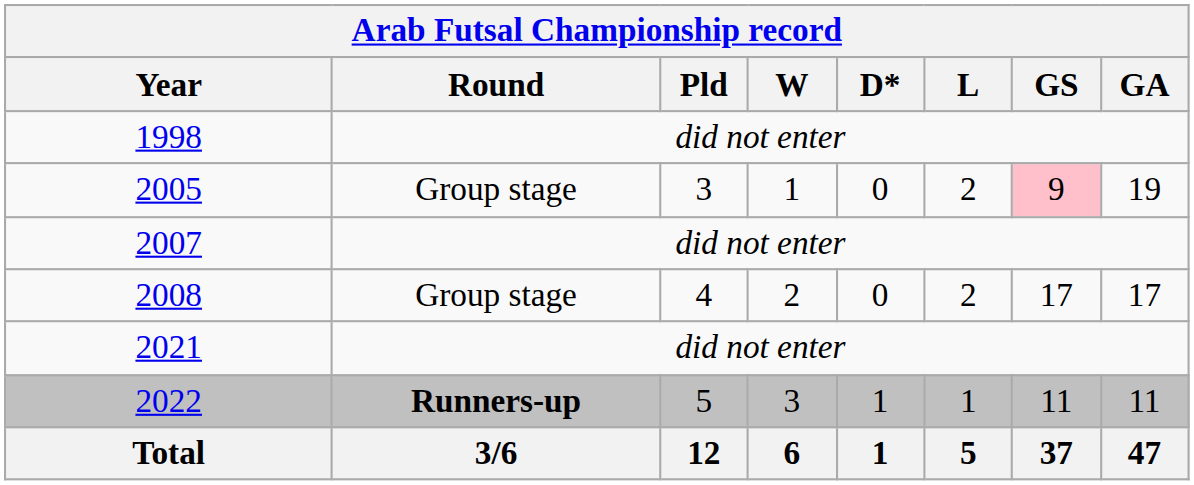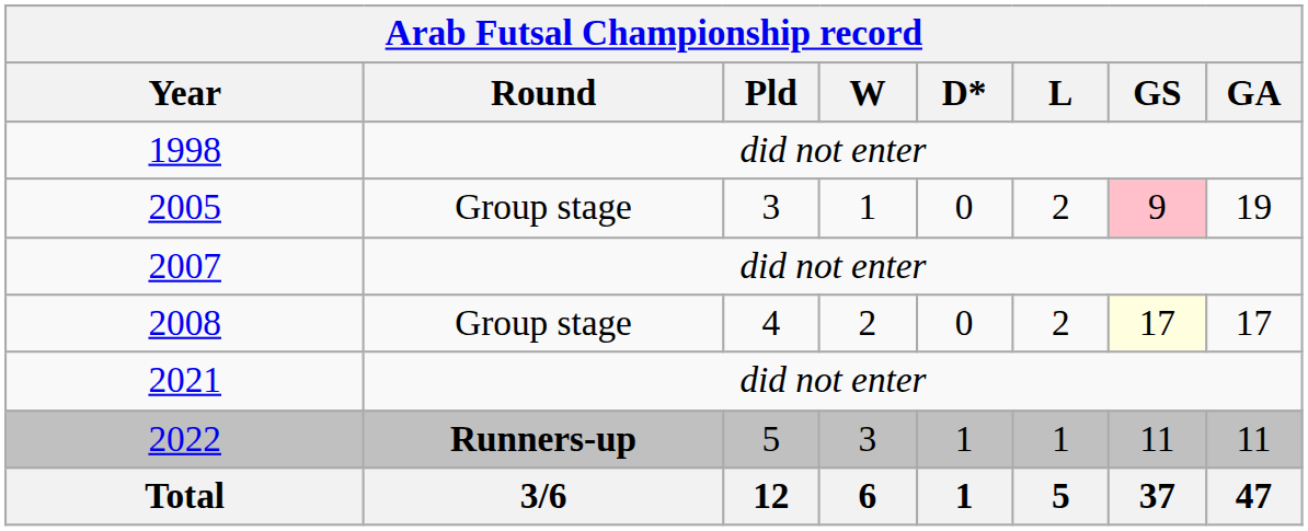 <table class="wikitable" style="text-align: center;font-size:100%;">
 <tr>
 <th colspan=8><a href='#'>Arab Futsal Championship record</a></th>
 </tr>
 <tr>
 <th width=150>Year</th>
 <th width=150>Round</th>
 <th width=35>Pld</th>
 <th width=35>W</th>
 <th width=35>D*</th>
 <th width=35>L</th>
 <th width=35>GS</th>
 <th width=35>GA</th>
 </tr>
 <tr bgcolor=>
 <td> <a href='#'>1998</a></td>
 <td colspan=7><em>did not enter</em></td>
 </tr>
 <tr>
 <td> <a href='#'>2005</a></td>
 <td>Group stage</td>
 <td>3</td>
 <td>1</td>
 <td>0</td>
 <td>2</td>
 <td style="background: pink;">9</td>
 <td>19</td>
 </tr>
 <tr bgcolor=>
 <td> <a href='#'>2007</a></td>
 <td colspan=7><em>did not enter</em></td>
 </tr>
 <tr>
 <td> <a href='#'>2008</a></td>
 <td>Group stage</td>
 <td>4</td>
 <td>2</td>
 <td>0</td>
 <td>2</td>
-<td>17</td>
+<td style="background: lightyellow;">17</td>
 <td>17</td>
 </tr>
 <tr>
 <td> <a href='#'>2021</a></td>
 <td colspan=7><em>did not enter</em></td>
 </tr>
 <tr style="background:silver;">
 <td> <a href='#'>2022</a></td>
 <td><strong>Runners-up</strong></td>
 <td>5</td>
 <td>3</td>
 <td>1</td>
 <td>1</td>
 <td>11</td>
 <td>11</td>
 </tr>
 <tr>
 <th><strong>Total</strong></th>
 <th>3/6</th>
 <th>12</th>
 <th>6</th>
 <th>1</th>
 <th>5</th>
 <th>37</th>
 <th>47</th>
 </tr>
 </table>
